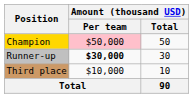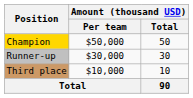 <table class="wikitable" style="text-align:center">
 <tr>
 <th rowspan="2">Position</th>
 <th colspan="2">Amount (thousand <a href='#'>USD</a>)</th>
 </tr>
 <tr>
 <th>Per team</th>
 <th>Total</th>
 </tr>
 <tr>
 <td align=left bgcolor="gold">Champion</td>
-<td style="background: pink;">$50,000</td>
+<td>$50,000</td>
 <td>50</td>
 </tr>
 <tr>
 <td align=left bgcolor="silver">Runner-up</td>
-<td><strong>$30,000</strong></td>
+<td>$30,000</td>
 <td>30</td>
 </tr>
 <tr>
 <td align=left bgcolor="#cc9966">Third place</td>
 <td>$10,000</td>
 <td>10</td>
 </tr>
 <tr>
 <th colspan="2">Total</th>
 <th>90</th>
 </tr>
 </table>
